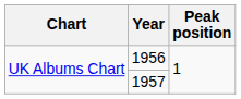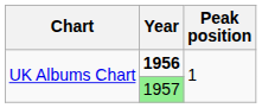 <table class="wikitable sortable">
 <tr>
 <th>Chart</th>
 <th>Year</th>
 <th>Peak<br>position</th>
 </tr>
 <tr>
 <td rowspan="2"><a href='#'>UK Albums Chart</a></td>
-<td align="left">1956</td>
+<td align="left"><strong>1956</strong></td>
 <td rowspan="2">1</td>
 </tr>
 <tr>
-<td align="left">1957</td>
+<td align="left" style="background: lightgreen;">1957</td>
 </tr>
 </table>
